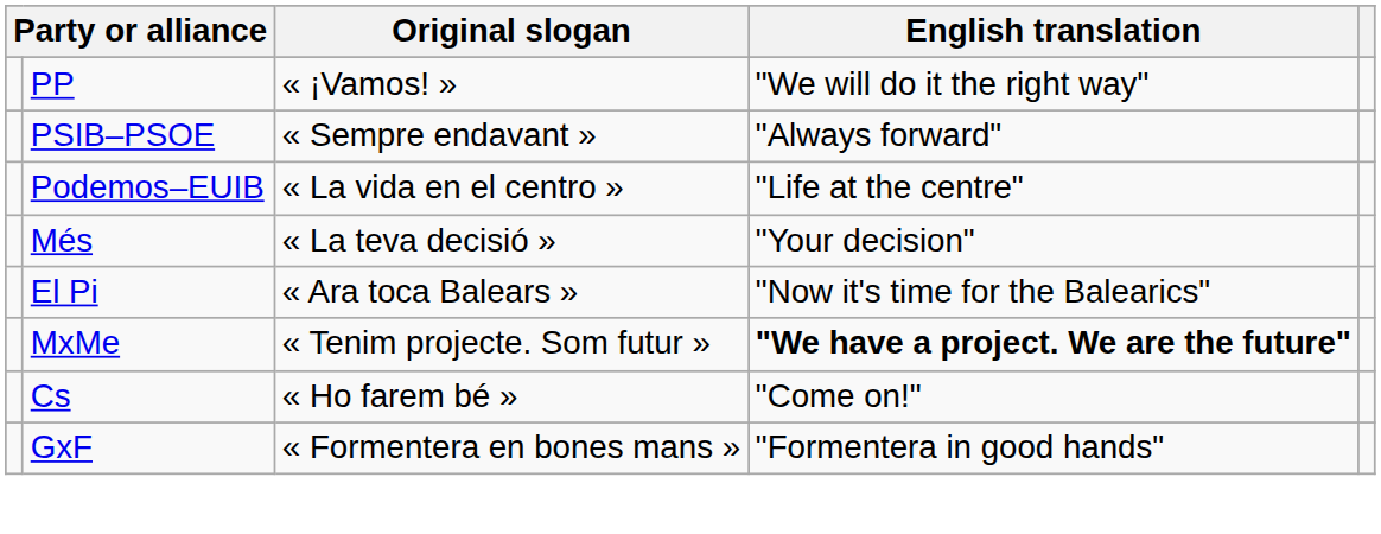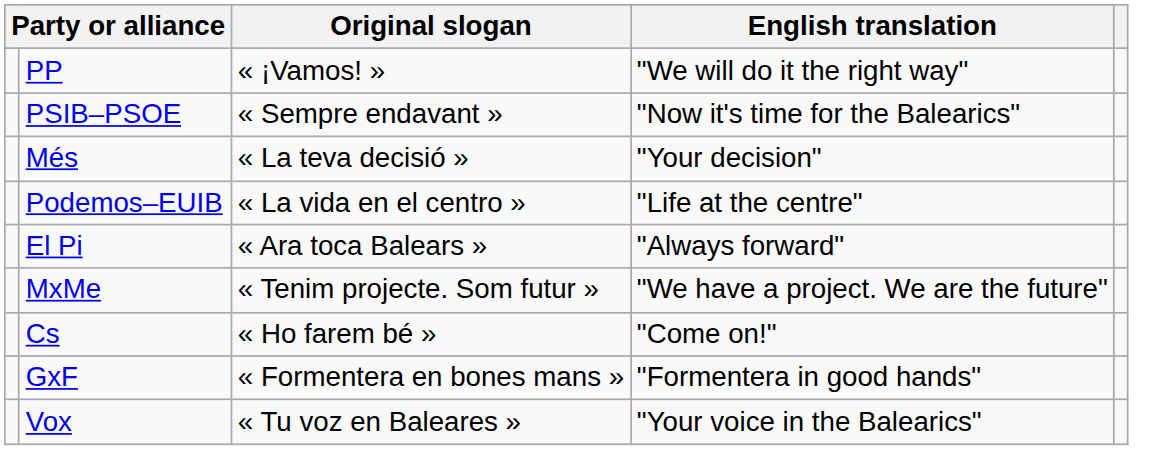 <table class="wikitable" style="text-align:left;">
 <tr>
 <th style="text-align:left;" colspan="2">Party or alliance</th>
 <th>Original slogan</th>
 <th>English translation</th>
 <th></th>
 </tr>
 <tr>
 <td width="1" style="color:inherit;background:"></td>
 <td><a href='#'>PP</a></td>
 <td>« ¡Vamos! »</td>
 <td>"We will do it the right way"</td>
 <td></td>
 </tr>
 <tr>
 <td style="color:inherit;background:"></td>
 <td><a href='#'>PSIB–PSOE</a></td>
 <td>« Sempre endavant »</td>
-<td>"Always forward"</td>
+<td>"Now it's time for the Balearics"</td>
+<td></td>
+</tr>
+<tr>
+<td style="color:inherit;background:"></td>
+<td><a href='#'>Més</a></td>
+<td>« La teva decisió »</td>
+<td>"Your decision"</td>
 <td></td>
 </tr>
 <tr>
 <td style="color:inherit;background:"></td>
 <td><a href='#'>Podemos–EUIB</a></td>
 <td>« La vida en el centro »</td>
 <td>"Life at the centre"</td>
 <td></td>
 </tr>
 <tr>
 <td style="color:inherit;background:"></td>
-<td><a href='#'>Més</a></td>
-<td>« La teva decisió »</td>
-<td>"Your decision"</td>
-<td></td>
-</tr>
-<tr>
-<td style="color:inherit;background:"></td>
 <td><a href='#'>El Pi</a></td>
 <td>« Ara toca Balears »</td>
-<td>"Now it's time for the Balearics"</td>
+<td>"Always forward"</td>
 <td></td>
 </tr>
 <tr>
 <td style="color:inherit;background:"></td>
 <td><a href='#'>MxMe</a></td>
 <td>« Tenim projecte. Som futur »</td>
-<td><strong>"We have a project. We are the future"</strong></td>
+<td>"We have a project. We are the future"</td>
 <td></td>
 </tr>
 <tr>
 <td style="color:inherit;background:"></td>
 <td><a href='#'>Cs</a></td>
 <td>« Ho farem bé »</td>
 <td>"Come on!"</td>
 <td></td>
 </tr>
 <tr>
 <td style="color:inherit;background:"></td>
 <td><a href='#'>GxF</a></td>
 <td>« Formentera en bones mans »</td>
 <td>"Formentera in good hands"</td>
 <td></td>
 </tr>
+<tr>
+<td style="color:inherit;background:"></td>
+<td><a href='#'>Vox</a></td>
+<td>« Tu voz en Baleares »</td>
+<td>"Your voice in the Balearics"</td>
+<td></td>
+</tr>
 </table>
